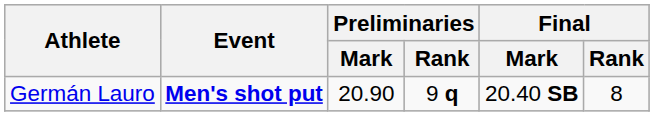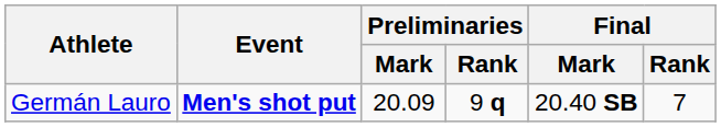 <table class=wikitable style="font-size:90%;">
 <tr>
 <th rowspan=2>Athlete</th>
 <th rowspan=2>Event</th>
 <th colspan=2>Preliminaries</th>
 <th colspan=2>Final</th>
 </tr>
 <tr>
 <th>Mark</th>
 <th>Rank</th>
 <th>Mark</th>
 <th>Rank</th>
 </tr>
 <tr>
 <td><a href='#'>Germán Lauro</a></td>
 <td><strong><a href='#'>Men's shot put</a></strong></td>
-<td align="center">20.90</td>
+<td align="center">20.09</td>
 <td align="center">9 <strong>q</strong></td>
 <td align="center">20.40 <strong>SB</strong></td>
-<td align="center">8</td>
+<td align="center">7</td>
 </tr>
 </table>
